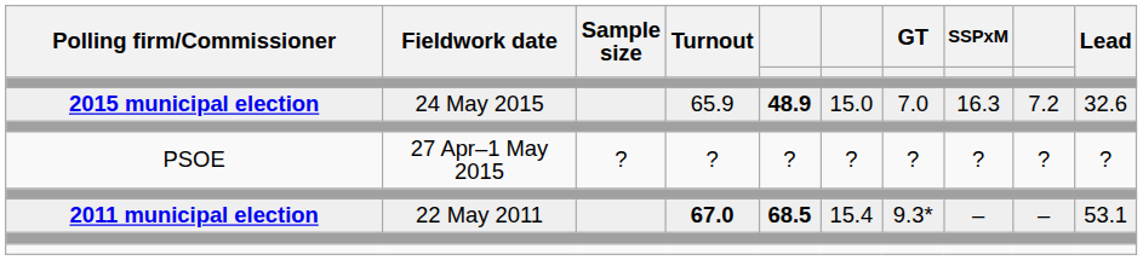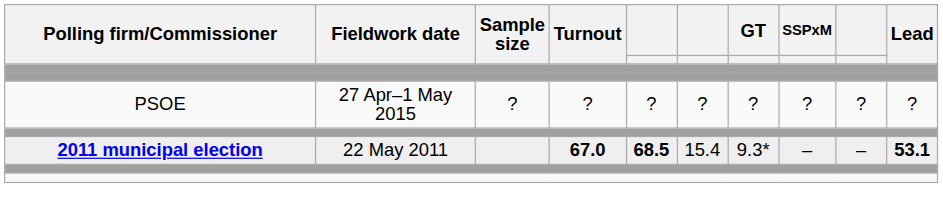 <table class="wikitable collapsible collapsed" style="text-align:center; font-size:95%; line-height:16px;">
 <tr style="height:42px;">
 <th style="width:250px;" rowspan="2">Polling firm/Commissioner</th>
 <th style="width:125px;" rowspan="2">Fieldwork date</th>
 <th style="width:50px;" rowspan="2">Sample size</th>
 <th style="width:45px;" rowspan="2">Turnout</th>
 <th style="width:35px;"></th>
 <th style="width:35px;"></th>
 <th style="width:35px;">GT</th>
 <th style="width:35px; font-size:80%;">SSPxM</th>
 <th style="width:35px;"></th>
 <th style="width:30px;" rowspan="2">Lead</th>
 </tr>
 <tr>
 <th style="color:inherit;background:"></th>
 <th style="color:inherit;background:"></th>
 <th style="color:inherit;background:"></th>
 <th style="color:inherit;background:"></th>
 <th style="color:inherit;background:"></th>
 </tr>
 <tr>
 <td colspan="10" style="background:#A0A0A0"></td>
-</tr>
-<tr style="background:#EFEFEF;">
-<td><strong><a href='#'>2015 municipal election</a></strong></td>
-<td>24 May 2015</td>
-<td></td>
-<td>65.9</td>
-<td><strong>48.9</strong><br></td>
-<td>15.0<br></td>
-<td>7.0<br></td>
-<td>16.3<br></td>
-<td>7.2<br></td>
-<td style="background:">32.6</td>
 </tr>
 <tr>
 <td colspan="10" style="background:#A0A0A0"></td>
 </tr>
 <tr>
 <td>PSOE</td>
 <td>27 Apr–1 May 2015</td>
 <td>?</td>
 <td>?</td>
 <td>?<br></td>
 <td>?<br></td>
 <td>?<br></td>
 <td>?<br></td>
 <td>?<br></td>
 <td style="background:">?</td>
 </tr>
 <tr>
 <td colspan="10" style="background:#A0A0A0"></td>
 </tr>
 <tr style="background:#EFEFEF;">
 <td><strong><a href='#'>2011 municipal election</a></strong></td>
 <td>22 May 2011</td>
 <td></td>
 <td><strong>67.0</strong></td>
 <td><strong>68.5</strong><br></td>
 <td>15.4<br></td>
 <td>9.3*<br></td>
 <td>–</td>
 <td>–</td>
-<td style="background:">53.1</td>
+<td style="background:"><strong>53.1</strong></td>
 </tr>
 <tr>
 <td colspan="10" style="background:#A0A0A0"></td>
 </tr>
 <tr>
 <td align="left" colspan="10"></td>
 </tr>
 </table>
